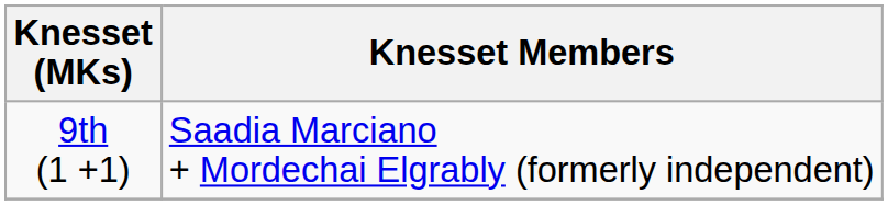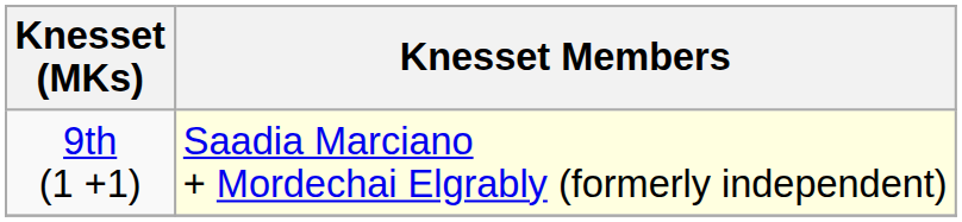 <table class="wikitable" style="text-align:center;">
 <tr>
 <th>Knesset<br>(MKs)</th>
 <th>Knesset Members</th>
 </tr>
 <tr>
 <td><a href='#'>9th</a><br>(1 +1)</td>
-<td style="text-align:left"><a href='#'>Saadia Marciano</a><br>+ <a href='#'>Mordechai Elgrably</a> (formerly independent)</td>
+<td style="background: lightyellow; text-align:left"><a href='#'>Saadia Marciano</a><br>+ <a href='#'>Mordechai Elgrably</a> (formerly independent)</td>
 </tr>
 <tr>
 </tr>
 </table>
